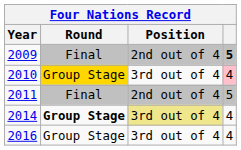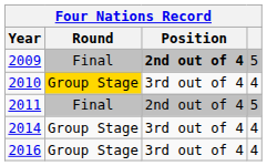 <table class="wikitable" style="text-align: center;">
 <tr>
 <th colspan=9><a href='#'>Four Nations Record</a></th>
 </tr>
 <tr>
 <th>Year</th>
 <th>Round</th>
 <th>Position</th>
 <th></th>
 </tr>
 <tr>
 <td>  <a href='#'>2009</a></td>
 <td style="background:silver">Final</td>
-<td style="background:silver">2nd out of 4</td>
-<td style="background:silver"><strong>5</strong></td>
+<td style="background:silver"><strong>2nd out of 4</strong></td>
+<td style="background:silver">5</td>
 </tr>
 <tr>
 <td>  <a href='#'>2010</a></td>
 <td style="background: gold;">Group Stage</td>
 <td>3rd out of 4</td>
-<td style="background: pink;">4</td>
+<td>4</td>
 </tr>
 <tr>
 <td>  <a href='#'>2011</a></td>
 <td style="background:silver">Final</td>
 <td style="background:silver">2nd out of 4</td>
 <td style="background:silver">5</td>
 </tr>
 <tr>
 <td>  <a href='#'>2014</a></td>
-<td><strong>Group Stage</strong></td>
-<td style="background: khaki;">3rd out of 4</td>
+<td>Group Stage</td>
+<td>3rd out of 4</td>
 <td>4</td>
 </tr>
 <tr>
 <td> <a href='#'>2016</a></td>
 <td>Group Stage</td>
 <td>3rd out of 4</td>
 <td>4</td>
 </tr>
 </table>
